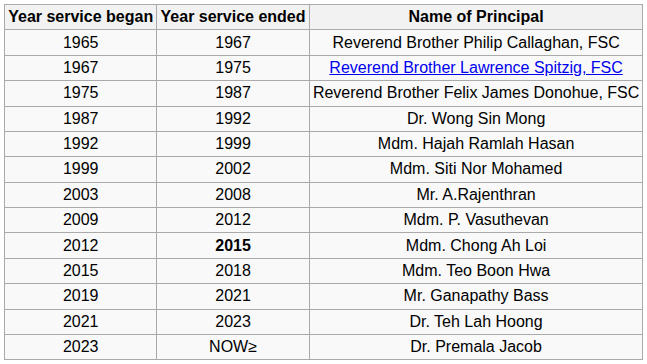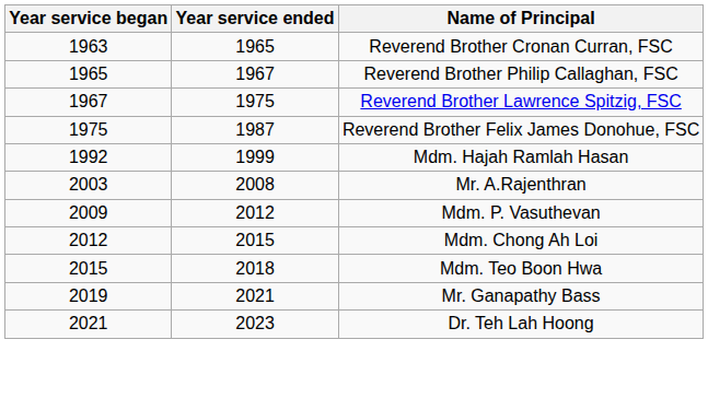 <table class="wikitable" style="text-align:center; align:center;">
 <tr>
 <th style="width:90;px">Year service began</th>
 <th style="width:90;px">Year service ended</th>
 <th style="width:450;px">Name of Principal</th>
+</tr>
+<tr>
+<td>1963</td>
+<td>1965</td>
+<td>Reverend Brother Cronan Curran, FSC</td>
 </tr>
 <tr>
 <td>1965</td>
 <td>1967</td>
 <td>Reverend Brother Philip Callaghan, FSC</td>
 </tr>
 <tr>
 <td>1967</td>
 <td>1975</td>
 <td><a href='#'>Reverend Brother Lawrence Spitzig, FSC</a></td>
 </tr>
 <tr>
 <td>1975</td>
 <td>1987</td>
 <td>Reverend Brother Felix James Donohue, FSC</td>
 </tr>
 <tr>
-<td>1987</td>
-<td>1992</td>
-<td>Dr. Wong Sin Mong</td>
-</tr>
-<tr>
 <td>1992</td>
 <td>1999</td>
 <td>Mdm. Hajah Ramlah Hasan</td>
-</tr>
-<tr>
-<td>1999</td>
-<td>2002</td>
-<td>Mdm. Siti Nor Mohamed</td>
 </tr>
 <tr>
 <td>2003</td>
 <td>2008</td>
 <td>Mr. A.Rajenthran</td>
 </tr>
 <tr>
 <td>2009</td>
 <td>2012</td>
 <td>Mdm. P. Vasuthevan</td>
 </tr>
 <tr>
 <td>2012</td>
-<td><strong>2015</strong></td>
+<td>2015</td>
 <td>Mdm. Chong Ah Loi</td>
 </tr>
 <tr>
 <td>2015</td>
 <td>2018</td>
 <td>Mdm. Teo Boon Hwa</td>
 </tr>
 <tr>
 <td>2019</td>
 <td>2021</td>
 <td>Mr. Ganapathy Bass</td>
 </tr>
 <tr>
 <td>2021</td>
 <td>2023</td>
 <td>Dr. Teh Lah Hoong</td>
 </tr>
-<tr>
-<td>2023</td>
-<td>NOW≥</td>
-<td>Dr. Premala Jacob</td>
-</tr>
 </table>
